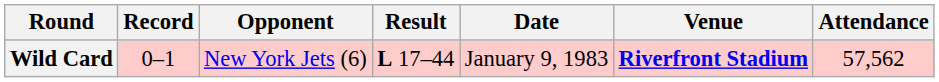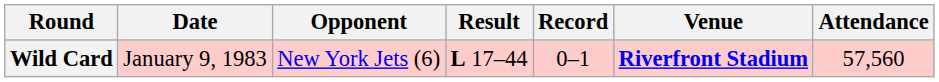 <table class="wikitable" style="text-align:center">
 <tr>
 <th>Round</th>
-<th>Record</th>
+<th>Date</th>
 <th>Opponent</th>
 <th>Result</th>
-<th>Date</th>
+<th>Record</th>
 <th>Venue</th>
 <th>Attendance</th>
 </tr>
 <tr style="background:#fcc">
 <th>Wild Card</th>
-<td>0–1</td>
+<td>January 9, 1983</td>
 <td><a href='#'>New York Jets</a> (6)</td>
 <td><strong>L</strong> 17–44</td>
-<td>January 9, 1983</td>
+<td>0–1</td>
 <td><strong><a href='#'>Riverfront Stadium</a></strong></td>
-<td>57,562</td>
+<td>57,560</td>
 </tr>
 </table>
